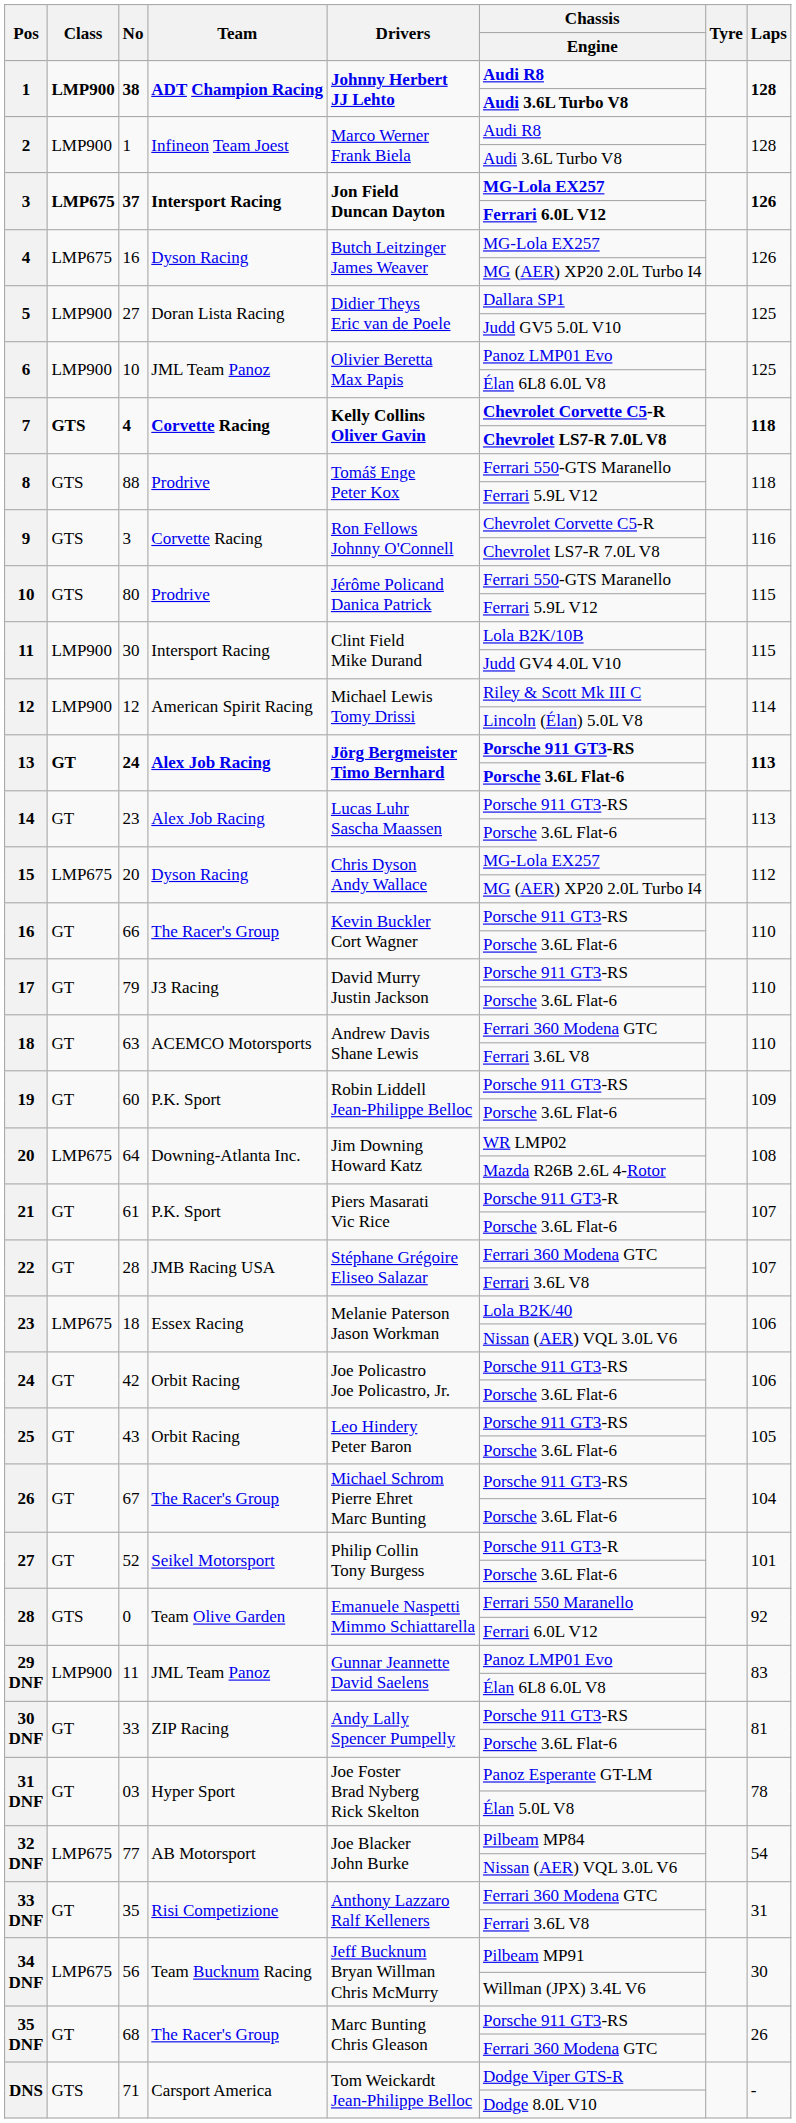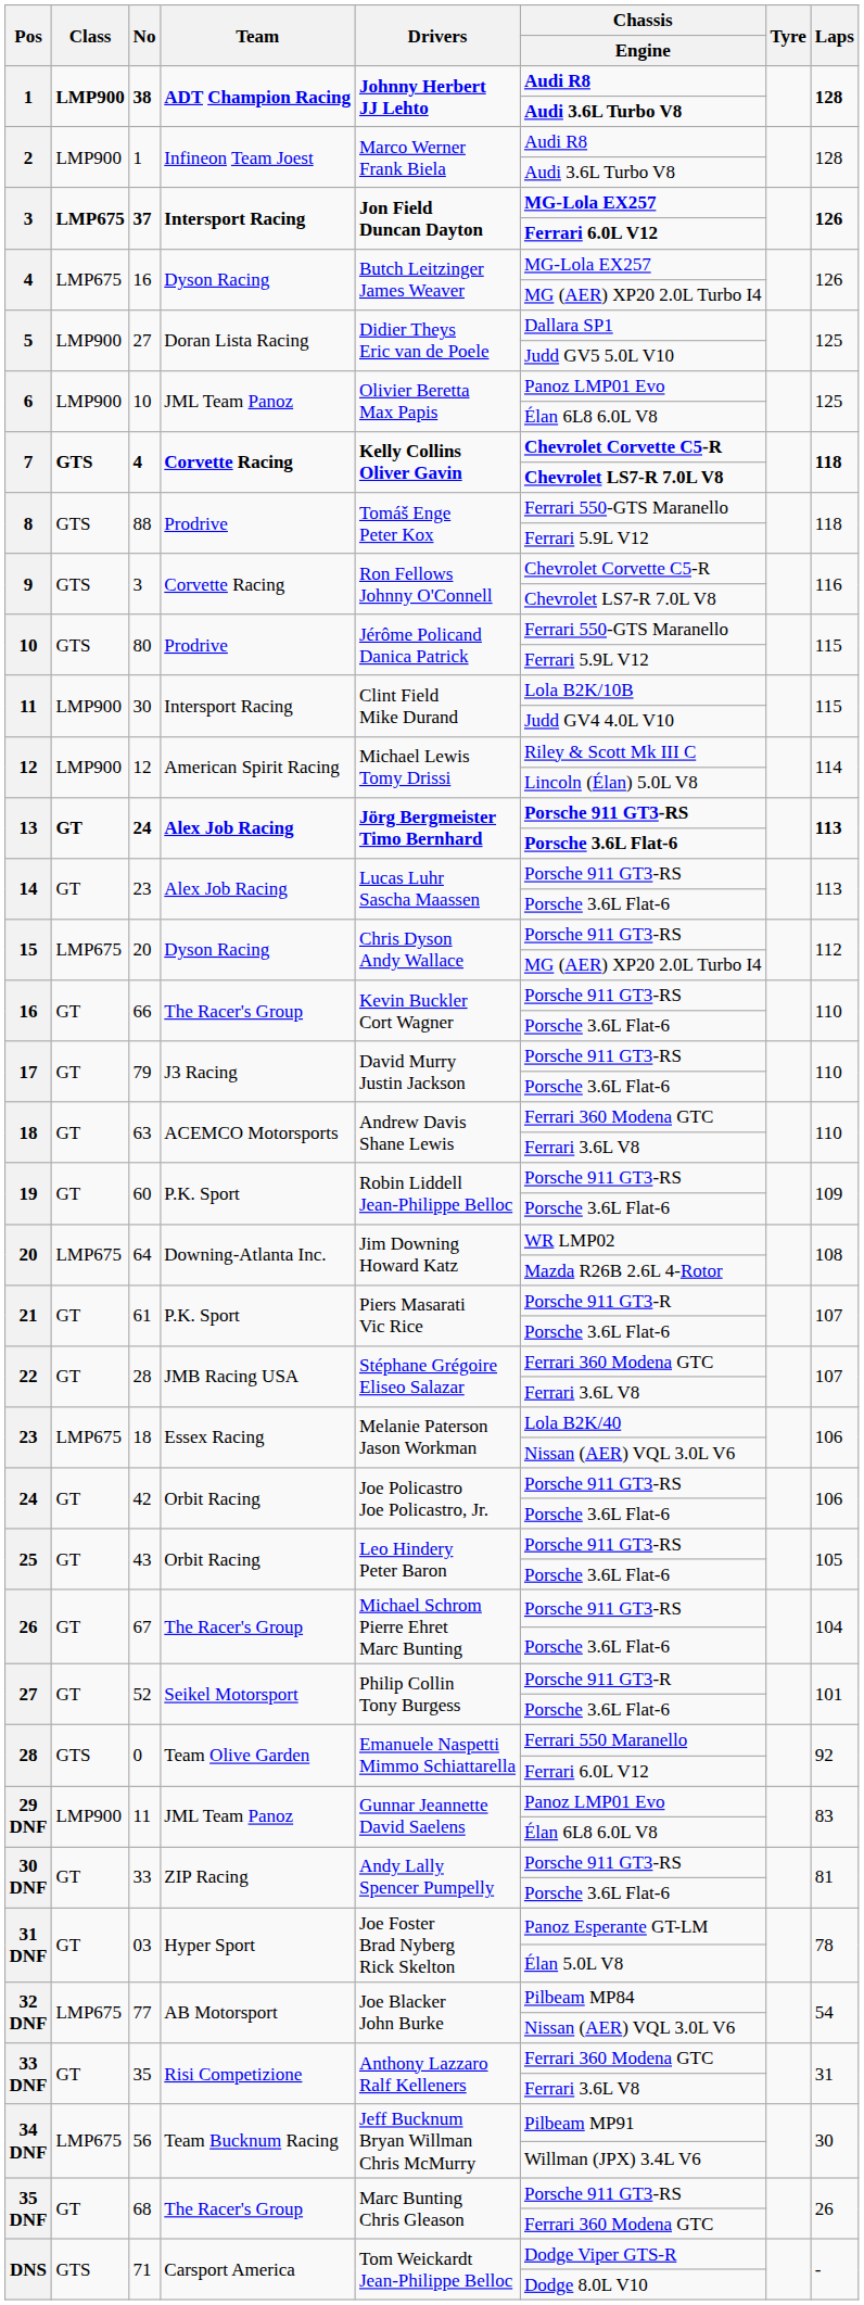 <table class="wikitable" style="font-size: 95%;">
 <tr>
 <th rowspan=2>Pos</th>
 <th rowspan=2>Class</th>
 <th rowspan=2>No</th>
 <th rowspan=2>Team</th>
 <th rowspan=2>Drivers</th>
 <th>Chassis</th>
 <th rowspan=2>Tyre</th>
 <th rowspan=2>Laps</th>
 </tr>
 <tr>
 <th>Engine</th>
 </tr>
 <tr style="font-weight:bold">
 <th rowspan=2>1</th>
 <td rowspan=2>LMP900</td>
 <td rowspan=2>38</td>
 <td rowspan=2> <a href='#'>ADT</a> <a href='#'>Champion Racing</a></td>
 <td rowspan=2> <a href='#'>Johnny Herbert</a><br> <a href='#'>JJ Lehto</a></td>
 <td><a href='#'>Audi R8</a></td>
 <td rowspan=2></td>
 <td rowspan=2>128</td>
 </tr>
 <tr style="font-weight:bold">
 <td><a href='#'>Audi</a> 3.6L Turbo V8</td>
 </tr>
 <tr>
 <th rowspan=2>2</th>
 <td rowspan=2>LMP900</td>
 <td rowspan=2>1</td>
 <td rowspan=2> <a href='#'>Infineon</a> <a href='#'>Team Joest</a></td>
 <td rowspan=2> <a href='#'>Marco Werner</a><br> <a href='#'>Frank Biela</a></td>
 <td><a href='#'>Audi R8</a></td>
 <td rowspan=2></td>
 <td rowspan=2>128</td>
 </tr>
 <tr>
 <td><a href='#'>Audi</a> 3.6L Turbo V8</td>
 </tr>
 <tr style="font-weight:bold">
 <th rowspan=2>3</th>
 <td rowspan=2>LMP675</td>
 <td rowspan=2>37</td>
 <td rowspan=2> Intersport Racing</td>
 <td rowspan=2> Jon Field<br> Duncan Dayton</td>
 <td><a href='#'>MG-Lola EX257</a></td>
 <td rowspan=2></td>
 <td rowspan=2>126</td>
 </tr>
 <tr style="font-weight:bold">
 <td><a href='#'>Ferrari</a> 6.0L V12</td>
 </tr>
 <tr>
 <th rowspan=2>4</th>
 <td rowspan=2>LMP675</td>
 <td rowspan=2>16</td>
 <td rowspan=2> <a href='#'>Dyson Racing</a></td>
 <td rowspan=2> <a href='#'>Butch Leitzinger</a><br> <a href='#'>James Weaver</a></td>
 <td><a href='#'>MG-Lola EX257</a></td>
 <td rowspan=2></td>
 <td rowspan=2>126</td>
 </tr>
 <tr>
 <td><a href='#'>MG</a> (<a href='#'>AER</a>) XP20 2.0L Turbo I4</td>
 </tr>
 <tr>
 <th rowspan=2>5</th>
 <td rowspan=2>LMP900</td>
 <td rowspan=2>27</td>
 <td rowspan=2> Doran Lista Racing</td>
 <td rowspan=2> <a href='#'>Didier Theys</a><br> <a href='#'>Eric van de Poele</a></td>
 <td><a href='#'>Dallara SP1</a></td>
 <td rowspan=2></td>
 <td rowspan=2>125</td>
 </tr>
 <tr>
 <td><a href='#'>Judd</a> GV5 5.0L V10</td>
 </tr>
 <tr>
 <th rowspan=2>6</th>
 <td rowspan=2>LMP900</td>
 <td rowspan=2>10</td>
 <td rowspan=2> JML Team <a href='#'>Panoz</a></td>
 <td rowspan=2> <a href='#'>Olivier Beretta</a><br> <a href='#'>Max Papis</a></td>
 <td><a href='#'>Panoz LMP01 Evo</a></td>
 <td rowspan=2></td>
 <td rowspan=2>125</td>
 </tr>
 <tr>
 <td><a href='#'>Élan</a> 6L8 6.0L V8</td>
 </tr>
 <tr style="font-weight:bold">
 <th rowspan=2>7</th>
 <td rowspan=2>GTS</td>
 <td rowspan=2>4</td>
 <td rowspan=2> <a href='#'>Corvette</a> Racing</td>
 <td rowspan=2> Kelly Collins<br> <a href='#'>Oliver Gavin</a></td>
 <td><a href='#'>Chevrolet Corvette C5</a>-R</td>
 <td rowspan=2></td>
 <td rowspan=2>118</td>
 </tr>
 <tr style="font-weight:bold">
 <td><a href='#'>Chevrolet</a> LS7-R 7.0L V8</td>
 </tr>
 <tr>
 <th rowspan=2>8</th>
 <td rowspan=2>GTS</td>
 <td rowspan=2>88</td>
 <td rowspan=2> <a href='#'>Prodrive</a></td>
 <td rowspan=2> <a href='#'>Tomáš Enge</a><br> <a href='#'>Peter Kox</a></td>
 <td><a href='#'>Ferrari 550</a>-GTS Maranello</td>
 <td rowspan=2></td>
 <td rowspan=2>118</td>
 </tr>
 <tr>
 <td><a href='#'>Ferrari</a> 5.9L V12</td>
 </tr>
 <tr>
 <th rowspan=2>9</th>
 <td rowspan=2>GTS</td>
 <td rowspan=2>3</td>
 <td rowspan=2> <a href='#'>Corvette</a> Racing</td>
 <td rowspan=2> <a href='#'>Ron Fellows</a><br> <a href='#'>Johnny O'Connell</a></td>
 <td><a href='#'>Chevrolet Corvette C5</a>-R</td>
 <td rowspan=2></td>
 <td rowspan=2>116</td>
 </tr>
 <tr>
 <td><a href='#'>Chevrolet</a> LS7-R 7.0L V8</td>
 </tr>
 <tr>
 <th rowspan=2>10</th>
 <td rowspan=2>GTS</td>
 <td rowspan=2>80</td>
 <td rowspan=2> <a href='#'>Prodrive</a></td>
 <td rowspan=2> <a href='#'>Jérôme Policand</a><br> <a href='#'>Danica Patrick</a></td>
 <td><a href='#'>Ferrari 550</a>-GTS Maranello</td>
 <td rowspan=2></td>
 <td rowspan=2>115</td>
 </tr>
 <tr>
 <td><a href='#'>Ferrari</a> 5.9L V12</td>
 </tr>
 <tr>
 <th rowspan=2>11</th>
 <td rowspan=2>LMP900</td>
 <td rowspan=2>30</td>
 <td rowspan=2> Intersport Racing</td>
 <td rowspan=2> Clint Field<br> Mike Durand</td>
 <td><a href='#'>Lola B2K/10B</a></td>
 <td rowspan=2></td>
 <td rowspan=2>115</td>
 </tr>
 <tr>
 <td><a href='#'>Judd</a> GV4 4.0L V10</td>
 </tr>
 <tr>
 <th rowspan=2>12</th>
 <td rowspan=2>LMP900</td>
 <td rowspan=2>12</td>
 <td rowspan=2> American Spirit Racing</td>
 <td rowspan=2> Michael Lewis<br> <a href='#'>Tomy Drissi</a></td>
 <td><a href='#'>Riley & Scott Mk III C</a></td>
 <td rowspan=2></td>
 <td rowspan=2>114</td>
 </tr>
 <tr>
 <td><a href='#'>Lincoln</a> (<a href='#'>Élan</a>) 5.0L V8</td>
 </tr>
 <tr style="font-weight:bold">
 <th rowspan=2>13</th>
 <td rowspan=2>GT</td>
 <td rowspan=2>24</td>
 <td rowspan=2> <a href='#'>Alex Job Racing</a></td>
 <td rowspan=2> <a href='#'>Jörg Bergmeister</a><br> <a href='#'>Timo Bernhard</a></td>
 <td><a href='#'>Porsche 911 GT3</a>-RS</td>
 <td rowspan=2></td>
 <td rowspan=2>113</td>
 </tr>
 <tr style="font-weight:bold">
 <td><a href='#'>Porsche</a> 3.6L Flat-6</td>
 </tr>
 <tr>
 <th rowspan=2>14</th>
 <td rowspan=2>GT</td>
 <td rowspan=2>23</td>
 <td rowspan=2> <a href='#'>Alex Job Racing</a></td>
 <td rowspan=2> <a href='#'>Lucas Luhr</a><br> <a href='#'>Sascha Maassen</a></td>
 <td><a href='#'>Porsche 911 GT3</a>-RS</td>
 <td rowspan=2></td>
 <td rowspan=2>113</td>
 </tr>
 <tr>
 <td><a href='#'>Porsche</a> 3.6L Flat-6</td>
 </tr>
 <tr>
 <th rowspan=2>15</th>
 <td rowspan=2>LMP675</td>
 <td rowspan=2>20</td>
 <td rowspan=2> <a href='#'>Dyson Racing</a></td>
 <td rowspan=2> <a href='#'>Chris Dyson</a><br> <a href='#'>Andy Wallace</a></td>
-<td><a href='#'>MG-Lola EX257</a></td>
+<td><a href='#'>Porsche 911 GT3</a>-RS</td>
 <td rowspan=2></td>
 <td rowspan=2>112</td>
 </tr>
 <tr>
 <td><a href='#'>MG</a> (<a href='#'>AER</a>) XP20 2.0L Turbo I4</td>
 </tr>
 <tr>
 <th rowspan=2>16</th>
 <td rowspan=2>GT</td>
 <td rowspan=2>66</td>
 <td rowspan=2> <a href='#'>The Racer's Group</a></td>
 <td rowspan=2> <a href='#'>Kevin Buckler</a><br> Cort Wagner</td>
 <td><a href='#'>Porsche 911 GT3</a>-RS</td>
 <td rowspan=2></td>
 <td rowspan=2>110</td>
 </tr>
 <tr>
 <td><a href='#'>Porsche</a> 3.6L Flat-6</td>
 </tr>
 <tr>
 <th rowspan=2>17</th>
 <td rowspan=2>GT</td>
 <td rowspan=2>79</td>
 <td rowspan=2> J3 Racing</td>
 <td rowspan=2> David Murry<br> Justin Jackson</td>
 <td><a href='#'>Porsche 911 GT3</a>-RS</td>
 <td rowspan=2></td>
 <td rowspan=2>110</td>
 </tr>
 <tr>
 <td><a href='#'>Porsche</a> 3.6L Flat-6</td>
 </tr>
 <tr>
 <th rowspan=2>18</th>
 <td rowspan=2>GT</td>
 <td rowspan=2>63</td>
 <td rowspan=2> ACEMCO Motorsports</td>
 <td rowspan=2> Andrew Davis<br> Shane Lewis</td>
 <td><a href='#'>Ferrari 360 Modena</a> GTC</td>
 <td rowspan=2></td>
 <td rowspan=2>110</td>
 </tr>
 <tr>
 <td><a href='#'>Ferrari</a> 3.6L V8</td>
 </tr>
 <tr>
 <th rowspan=2>19</th>
 <td rowspan=2>GT</td>
 <td rowspan=2>60</td>
 <td rowspan=2> P.K. Sport</td>
 <td rowspan=2> Robin Liddell<br> <a href='#'>Jean-Philippe Belloc</a></td>
 <td><a href='#'>Porsche 911 GT3</a>-RS</td>
 <td rowspan=2></td>
 <td rowspan=2>109</td>
 </tr>
 <tr>
 <td><a href='#'>Porsche</a> 3.6L Flat-6</td>
 </tr>
 <tr>
 <th rowspan=2>20</th>
 <td rowspan=2>LMP675</td>
 <td rowspan=2>64</td>
 <td rowspan=2> Downing-Atlanta Inc.</td>
 <td rowspan=2> Jim Downing<br> Howard Katz</td>
 <td><a href='#'>WR</a> LMP02</td>
 <td rowspan=2></td>
 <td rowspan=2>108</td>
 </tr>
 <tr>
 <td><a href='#'>Mazda</a> R26B 2.6L 4-<a href='#'>Rotor</a></td>
 </tr>
 <tr>
 <th rowspan=2>21</th>
 <td rowspan=2>GT</td>
 <td rowspan=2>61</td>
 <td rowspan=2> P.K. Sport</td>
 <td rowspan=2> Piers Masarati<br> Vic Rice</td>
 <td><a href='#'>Porsche 911 GT3</a>-R</td>
 <td rowspan=2></td>
 <td rowspan=2>107</td>
 </tr>
 <tr>
 <td><a href='#'>Porsche</a> 3.6L Flat-6</td>
 </tr>
 <tr>
 <th rowspan=2>22</th>
 <td rowspan=2>GT</td>
 <td rowspan=2>28</td>
 <td rowspan=2> JMB Racing USA</td>
 <td rowspan=2> <a href='#'>Stéphane Grégoire</a><br> <a href='#'>Eliseo Salazar</a></td>
 <td><a href='#'>Ferrari 360 Modena</a> GTC</td>
 <td rowspan=2></td>
 <td rowspan=2>107</td>
 </tr>
 <tr>
 <td><a href='#'>Ferrari</a> 3.6L V8</td>
 </tr>
 <tr>
 <th rowspan=2>23</th>
 <td rowspan=2>LMP675</td>
 <td rowspan=2>18</td>
 <td rowspan=2> Essex Racing</td>
 <td rowspan=2> Melanie Paterson<br> Jason Workman</td>
 <td><a href='#'>Lola B2K/40</a></td>
 <td rowspan=2></td>
 <td rowspan=2>106</td>
 </tr>
 <tr>
 <td><a href='#'>Nissan</a> (<a href='#'>AER</a>) VQL 3.0L V6</td>
 </tr>
 <tr>
 <th rowspan=2>24</th>
 <td rowspan=2>GT</td>
 <td rowspan=2>42</td>
 <td rowspan=2> Orbit Racing</td>
 <td rowspan=2> Joe Policastro<br> Joe Policastro, Jr.</td>
 <td><a href='#'>Porsche 911 GT3</a>-RS</td>
 <td rowspan=2></td>
 <td rowspan=2>106</td>
 </tr>
 <tr>
 <td><a href='#'>Porsche</a> 3.6L Flat-6</td>
 </tr>
 <tr>
 <th rowspan=2>25</th>
 <td rowspan=2>GT</td>
 <td rowspan=2>43</td>
 <td rowspan=2> Orbit Racing</td>
 <td rowspan=2> <a href='#'>Leo Hindery</a><br> Peter Baron</td>
 <td><a href='#'>Porsche 911 GT3</a>-RS</td>
 <td rowspan=2></td>
 <td rowspan=2>105</td>
 </tr>
 <tr>
 <td><a href='#'>Porsche</a> 3.6L Flat-6</td>
 </tr>
 <tr>
 <th rowspan=2>26</th>
 <td rowspan=2>GT</td>
 <td rowspan=2>67</td>
 <td rowspan=2> <a href='#'>The Racer's Group</a></td>
 <td rowspan=2> <a href='#'>Michael Schrom</a><br> Pierre Ehret<br> Marc Bunting</td>
 <td><a href='#'>Porsche 911 GT3</a>-RS</td>
 <td rowspan=2></td>
 <td rowspan=2>104</td>
 </tr>
 <tr>
 <td><a href='#'>Porsche</a> 3.6L Flat-6</td>
 </tr>
 <tr>
 <th rowspan=2>27</th>
 <td rowspan=2>GT</td>
 <td rowspan=2>52</td>
 <td rowspan=2> <a href='#'>Seikel Motorsport</a></td>
 <td rowspan=2> Philip Collin<br> Tony Burgess</td>
 <td><a href='#'>Porsche 911 GT3</a>-R</td>
 <td rowspan=2></td>
 <td rowspan=2>101</td>
 </tr>
 <tr>
 <td><a href='#'>Porsche</a> 3.6L Flat-6</td>
 </tr>
 <tr>
 <th rowspan=2>28</th>
 <td rowspan=2>GTS</td>
 <td rowspan=2>0</td>
 <td rowspan=2> Team <a href='#'>Olive Garden</a></td>
 <td rowspan=2> <a href='#'>Emanuele Naspetti</a><br> <a href='#'>Mimmo Schiattarella</a></td>
 <td><a href='#'>Ferrari 550 Maranello</a></td>
 <td rowspan=2></td>
 <td rowspan=2>92</td>
 </tr>
 <tr>
 <td><a href='#'>Ferrari</a> 6.0L V12</td>
 </tr>
 <tr>
 <th rowspan=2>29<br>DNF</th>
 <td rowspan=2>LMP900</td>
 <td rowspan=2>11</td>
 <td rowspan=2> JML Team <a href='#'>Panoz</a></td>
 <td rowspan=2> <a href='#'>Gunnar Jeannette</a><br> <a href='#'>David Saelens</a></td>
 <td><a href='#'>Panoz LMP01 Evo</a></td>
 <td rowspan=2></td>
 <td rowspan=2>83</td>
 </tr>
 <tr>
 <td><a href='#'>Élan</a> 6L8 6.0L V8</td>
 </tr>
 <tr>
 <th rowspan=2>30<br>DNF</th>
 <td rowspan=2>GT</td>
 <td rowspan=2>33</td>
 <td rowspan=2> ZIP Racing</td>
 <td rowspan=2> <a href='#'>Andy Lally</a><br> <a href='#'>Spencer Pumpelly</a></td>
 <td><a href='#'>Porsche 911 GT3</a>-RS</td>
 <td rowspan=2></td>
 <td rowspan=2>81</td>
 </tr>
 <tr>
 <td><a href='#'>Porsche</a> 3.6L Flat-6</td>
 </tr>
 <tr>
 <th rowspan=2>31<br>DNF</th>
 <td rowspan=2>GT</td>
 <td rowspan=2>03</td>
 <td rowspan=2> Hyper Sport</td>
 <td rowspan=2> Joe Foster<br> Brad Nyberg<br> Rick Skelton</td>
 <td><a href='#'>Panoz Esperante</a> GT-LM</td>
 <td rowspan=2></td>
 <td rowspan=2>78</td>
 </tr>
 <tr>
 <td><a href='#'>Élan</a> 5.0L V8</td>
 </tr>
 <tr>
 <th rowspan=2>32<br>DNF</th>
 <td rowspan=2>LMP675</td>
 <td rowspan=2>77</td>
 <td rowspan=2> AB Motorsport</td>
 <td rowspan=2> Joe Blacker<br> John Burke</td>
 <td><a href='#'>Pilbeam</a> MP84</td>
 <td rowspan=2></td>
 <td rowspan=2>54</td>
 </tr>
 <tr>
 <td><a href='#'>Nissan</a> (<a href='#'>AER</a>) VQL 3.0L V6</td>
 </tr>
 <tr>
 <th rowspan=2>33<br>DNF</th>
 <td rowspan=2>GT</td>
 <td rowspan=2>35</td>
 <td rowspan=2> <a href='#'>Risi Competizione</a></td>
 <td rowspan=2> <a href='#'>Anthony Lazzaro</a><br> <a href='#'>Ralf Kelleners</a></td>
 <td><a href='#'>Ferrari 360 Modena</a> GTC</td>
 <td rowspan=2></td>
 <td rowspan=2>31</td>
 </tr>
 <tr>
 <td><a href='#'>Ferrari</a> 3.6L V8</td>
 </tr>
 <tr>
 <th rowspan=2>34<br>DNF</th>
 <td rowspan=2>LMP675</td>
 <td rowspan=2>56</td>
 <td rowspan=2> Team <a href='#'>Bucknum</a> Racing</td>
 <td rowspan=2> <a href='#'>Jeff Bucknum</a><br> Bryan Willman<br> Chris McMurry</td>
 <td><a href='#'>Pilbeam</a> MP91</td>
 <td rowspan=2></td>
 <td rowspan=2>30</td>
 </tr>
 <tr>
 <td>Willman (JPX) 3.4L V6</td>
 </tr>
 <tr>
 <th rowspan=2>35<br>DNF</th>
 <td rowspan=2>GT</td>
 <td rowspan=2>68</td>
 <td rowspan=2> <a href='#'>The Racer's Group</a></td>
 <td rowspan=2> Marc Bunting<br> Chris Gleason</td>
 <td><a href='#'>Porsche 911 GT3</a>-RS</td>
 <td rowspan=2></td>
 <td rowspan=2>26</td>
 </tr>
 <tr>
 <td><a href='#'>Ferrari 360 Modena</a> GTC</td>
 </tr>
 <tr>
 <th rowspan=2>DNS</th>
 <td rowspan=2>GTS</td>
 <td rowspan=2>71</td>
 <td rowspan=2> Carsport America</td>
 <td rowspan=2> Tom Weickardt<br> <a href='#'>Jean-Philippe Belloc</a></td>
 <td><a href='#'>Dodge Viper GTS-R</a></td>
 <td rowspan=2></td>
 <td rowspan=2>-</td>
 </tr>
 <tr>
 <td><a href='#'>Dodge</a> 8.0L V10</td>
 </tr>
 </table>
